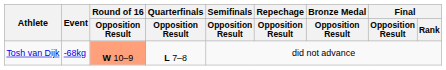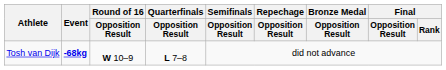 <table class="wikitable" style="font-size:90%">
 <tr>
 <th rowspan=2>Athlete</th>
 <th rowspan=2>Event</th>
 <th>Round of 16</th>
 <th>Quarterfinals</th>
 <th>Semifinals</th>
 <th>Repechage</th>
 <th>Bronze Medal</th>
 <th colspan=2>Final</th>
 </tr>
 <tr style="font-size:95%">
 <th>Opposition<br>Result</th>
 <th>Opposition<br>Result</th>
 <th>Opposition<br>Result</th>
 <th>Opposition<br>Result</th>
 <th>Opposition<br>Result</th>
 <th>Opposition<br>Result</th>
 <th>Rank</th>
 </tr>
 <tr align=center>
 <td align=left><a href='#'>Tosh van Dijk</a></td>
-<td align=left><a href='#'>-68kg</a></td>
-<td style="background: lightsalmon;"><br><strong>W</strong> 10–9</td>
+<td align=left><strong><a href='#'>-68kg</a></strong></td>
+<td><br><strong>W</strong> 10–9</td>
 <td><br><strong>L</strong> 7–8</td>
 <td colspan="5">did not advance</td>
 </tr>
 </table>
